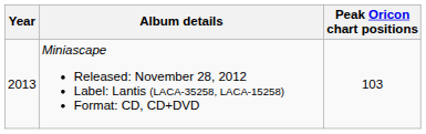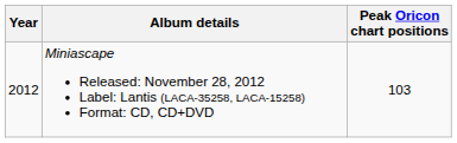 <table class="wikitable" border="1">
 <tr>
 <th rowspan="1">Year</th>
 <th rowspan="1" width="350">Album details</th>
 <th colspan="1">Peak <a href='#'>Oricon</a><br> chart positions<br></th>
 </tr>
 <tr>
-<td>2013</td>
+<td>2012</td>
 <td><em>Miniascape</em><br><ul><li>Released: November 28, 2012</li><li>Label: Lantis <small>(LACA-35258, LACA-15258)</small></li><li>Format: CD, CD+DVD</li></ul></td>
 <td align="center">103</td>
 </tr>
 </table>
